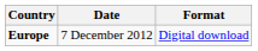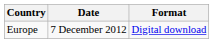 <table class="wikitable plainrowheaders">
 <tr>
 <th scope="col">Country</th>
 <th scope="col">Date</th>
 <th scope="col">Format</th>
 </tr>
 <tr>
-<td><strong>Europe</strong></td>
+<td>Europe</td>
 <td rowspan=2>7 December 2012</td>
 <td rowspan=2><a href='#'>Digital download</a></td>
 </tr>
 </table>
